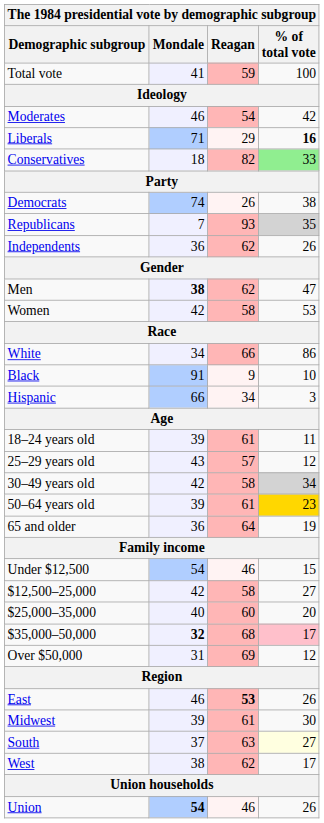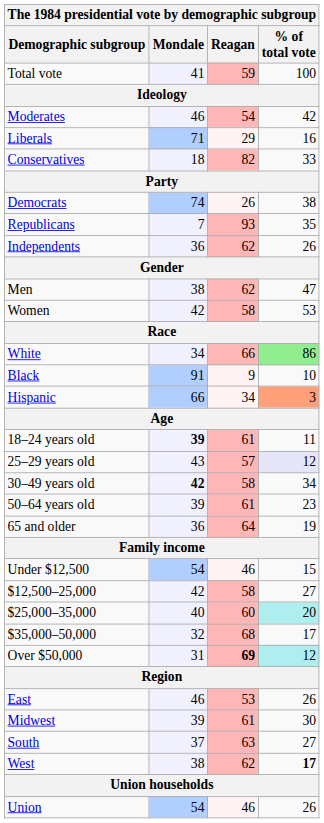 <table class=wikitable>
 <tr>
 <th colspan="7">The 1984 presidential vote by demographic subgroup</th>
 </tr>
 <tr>
 <th>Demographic subgroup</th>
 <th>Mondale</th>
 <th>Reagan</th>
 <th>% of<br>total vote</th>
 </tr>
 <tr>
 <td>Total vote</td>
 <td style="text-align:right; background:#f0f0ff;">41</td>
 <td style="text-align:right; background:#ffb6b6;">59</td>
 <td style="text-align:right;">100</td>
 </tr>
 <tr>
 <th colspan=4>Ideology</th>
 </tr>
 <tr>
 <td><a href='#'>Moderates</a></td>
 <td style="text-align:right; background:#f0f0ff;">46</td>
 <td style="text-align:right; background:#ffb6b6;">54</td>
 <td style="text-align:right;">42</td>
 </tr>
 <tr>
 <td><a href='#'>Liberals</a></td>
 <td style="text-align:right; background:#b0ceff;">71</td>
 <td style="text-align:right; background:#fff3f3;">29</td>
-<td style="text-align:right;"><strong>16</strong></td>
+<td style="text-align:right;">16</td>
 </tr>
 <tr>
 <td><a href='#'>Conservatives</a></td>
 <td style="text-align:right; background:#f0f0ff;">18</td>
 <td style="text-align:right; background:#ffb6b6;">82</td>
-<td style="background: lightgreen; text-align:right;">33</td>
+<td style="text-align:right;">33</td>
 </tr>
 <tr>
 <th colspan=4>Party</th>
 </tr>
 <tr>
 <td><a href='#'>Democrats</a></td>
 <td style="text-align:right; background:#b0ceff;">74</td>
 <td style="text-align:right; background:#fff3f3;">26</td>
 <td style="text-align:right;">38</td>
 </tr>
 <tr>
 <td><a href='#'>Republicans</a></td>
 <td style="text-align:right; background:#f0f0ff;">7</td>
 <td style="text-align:right; background:#ffb6b6;">93</td>
-<td style="background: lightgrey; text-align:right;">35</td>
+<td style="text-align:right;">35</td>
 </tr>
 <tr>
 <td><a href='#'>Independents</a></td>
 <td style="text-align:right; background:#f0f0ff;">36</td>
 <td style="text-align:right; background:#ffb6b6;">62</td>
 <td style="text-align:right;">26</td>
 </tr>
 <tr>
 <th colspan=4>Gender</th>
 </tr>
 <tr>
 <td>Men</td>
-<td style="text-align:right; background:#f0f0ff;"><strong>38</strong></td>
+<td style="text-align:right; background:#f0f0ff;">38</td>
 <td style="text-align:right; background:#ffb6b6;">62</td>
 <td style="text-align:right;">47</td>
 </tr>
 <tr>
 <td>Women</td>
 <td style="text-align:right; background:#f0f0ff;">42</td>
 <td style="text-align:right; background:#ffb6b6;">58</td>
 <td style="text-align:right;">53</td>
 </tr>
 <tr>
 <th colspan=4>Race</th>
 </tr>
 <tr>
 <td><a href='#'>White</a></td>
 <td style="text-align:right; background:#f0f0ff;">34</td>
 <td style="text-align:right; background:#ffb6b6;">66</td>
-<td style="text-align:right;">86</td>
+<td style="background: lightgreen; text-align:right;">86</td>
 </tr>
 <tr>
 <td><a href='#'>Black</a></td>
 <td style="text-align:right; background:#b0ceff;">91</td>
 <td style="text-align:right; background:#fff3f3;">9</td>
 <td style="text-align:right;">10</td>
 </tr>
 <tr>
 <td><a href='#'>Hispanic</a></td>
 <td style="text-align:right; background:#b0ceff;">66</td>
 <td style="text-align:right; background:#fff3f3;">34</td>
-<td style="text-align:right;">3</td>
+<td style="background: lightsalmon; text-align:right;">3</td>
 </tr>
 <tr>
 <th colspan=4>Age</th>
 </tr>
 <tr>
 <td>18–24 years old</td>
-<td style="text-align:right; background:#f0f0ff;">39</td>
+<td style="text-align:right; background:#f0f0ff;"><strong>39</strong></td>
 <td style="text-align:right; background:#ffb6b6;">61</td>
 <td style="text-align:right;">11</td>
 </tr>
 <tr>
 <td>25–29 years old</td>
 <td style="text-align:right; background:#f0f0ff;">43</td>
 <td style="text-align:right; background:#ffb6b6;">57</td>
-<td style="text-align:right;">12</td>
+<td style="background: lavender; text-align:right;">12</td>
 </tr>
 <tr>
 <td>30–49 years old</td>
-<td style="text-align:right; background:#f0f0ff;">42</td>
+<td style="text-align:right; background:#f0f0ff;"><strong>42</strong></td>
 <td style="text-align:right; background:#ffb6b6;">58</td>
-<td style="background: lightgrey; text-align:right;">34</td>
+<td style="text-align:right;">34</td>
 </tr>
 <tr>
 <td>50–64 years old</td>
 <td style="text-align:right; background:#f0f0ff;">39</td>
 <td style="text-align:right; background:#ffb6b6;">61</td>
-<td style="background: gold; text-align:right;">23</td>
+<td style="text-align:right;">23</td>
 </tr>
 <tr>
 <td>65 and older</td>
 <td style="text-align:right; background:#f0f0ff;">36</td>
 <td style="text-align:right; background:#ffb6b6;">64</td>
 <td style="text-align:right;">19</td>
 </tr>
 <tr>
 <th colspan=4>Family income</th>
 </tr>
 <tr>
 <td>Under $12,500</td>
 <td style="text-align:right; background:#b0ceff;">54</td>
 <td style="text-align:right; background:#fff3f3;">46</td>
 <td style="text-align:right;">15</td>
 </tr>
 <tr>
 <td>$12,500–25,000</td>
 <td style="text-align:right; background:#f0f0ff;">42</td>
 <td style="text-align:right; background:#ffb6b6;">58</td>
 <td style="text-align:right;">27</td>
 </tr>
 <tr>
 <td>$25,000–35,000</td>
 <td style="text-align:right; background:#f0f0ff;">40</td>
 <td style="text-align:right; background:#ffb6b6;">60</td>
-<td style="text-align:right;">20</td>
+<td style="background: paleturquoise; text-align:right;">20</td>
 </tr>
 <tr>
 <td>$35,000–50,000</td>
-<td style="text-align:right; background:#f0f0ff;"><strong>32</strong></td>
+<td style="text-align:right; background:#f0f0ff;">32</td>
 <td style="text-align:right; background:#ffb6b6;">68</td>
-<td style="background: pink; text-align:right;">17</td>
+<td style="text-align:right;">17</td>
 </tr>
 <tr>
 <td>Over $50,000</td>
 <td style="text-align:right; background:#f0f0ff;">31</td>
-<td style="text-align:right; background:#ffb6b6;">69</td>
-<td style="text-align:right;">12</td>
+<td style="text-align:right; background:#ffb6b6;"><strong>69</strong></td>
+<td style="background: paleturquoise; text-align:right;">12</td>
 </tr>
 <tr>
 <th colspan=4>Region</th>
 </tr>
 <tr>
 <td><a href='#'>East</a></td>
 <td style="text-align:right; background:#f0f0ff;">46</td>
-<td style="text-align:right; background:#ffb6b6;"><strong>53</strong></td>
+<td style="text-align:right; background:#ffb6b6;">53</td>
 <td style="text-align:right;">26</td>
 </tr>
 <tr>
 <td><a href='#'>Midwest</a></td>
 <td style="text-align:right; background:#f0f0ff;">39</td>
 <td style="text-align:right; background:#ffb6b6;">61</td>
 <td style="text-align:right;">30</td>
 </tr>
 <tr>
 <td><a href='#'>South</a></td>
 <td style="text-align:right; background:#f0f0ff;">37</td>
 <td style="text-align:right; background:#ffb6b6;">63</td>
-<td style="background: lightyellow; text-align:right;">27</td>
+<td style="text-align:right;">27</td>
 </tr>
 <tr>
 <td><a href='#'>West</a></td>
 <td style="text-align:right; background:#f0f0ff;">38</td>
 <td style="text-align:right; background:#ffb6b6;">62</td>
-<td style="text-align:right;">17</td>
+<td style="text-align:right;"><strong>17</strong></td>
 </tr>
 <tr>
 <th colspan=4>Union households</th>
 </tr>
 <tr>
 <td><a href='#'>Union</a></td>
-<td style="text-align:right; background:#b0ceff;"><strong>54</strong></td>
+<td style="text-align:right; background:#b0ceff;">54</td>
 <td style="text-align:right; background:#fff3f3;">46</td>
 <td style="text-align:right;">26</td>
 </tr>
 </table>
